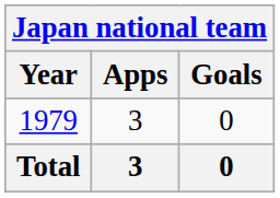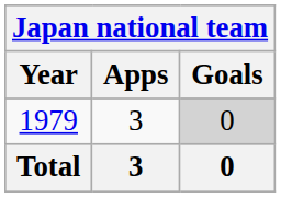 <table class="wikitable" style="text-align:center">
 <tr>
 <th colspan=3><a href='#'>Japan national team</a></th>
 </tr>
 <tr>
 <th>Year</th>
 <th>Apps</th>
 <th>Goals</th>
 </tr>
 <tr>
 <td><a href='#'>1979</a></td>
 <td>3</td>
-<td>0</td>
+<td style="background: lightgrey;">0</td>
 </tr>
 <tr>
 <th>Total</th>
 <th>3</th>
 <th>0</th>
 </tr>
 </table>
